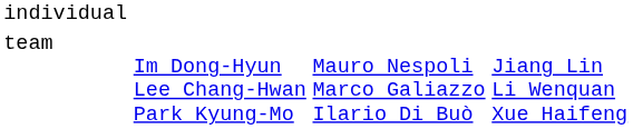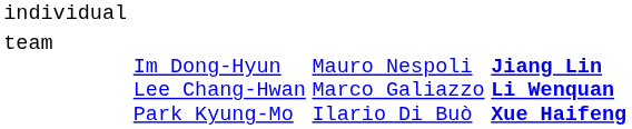 <table>
 <tr>
 <td>individual<br></td>
 <td></td>
 <td></td>
 <td></td>
 </tr>
 <tr valign="top">
 <td>team<br></td>
 <td><br> <a href='#'>Im Dong-Hyun</a><br><a href='#'>Lee Chang-Hwan</a><br><a href='#'>Park Kyung-Mo</a></td>
 <td><br> <a href='#'>Mauro Nespoli</a><br><a href='#'>Marco Galiazzo</a><br><a href='#'>Ilario Di Buò</a></td>
-<td><br> <a href='#'>Jiang Lin</a><br><a href='#'>Li Wenquan</a><br><a href='#'>Xue Haifeng</a></td>
+<td><strong><br> <a href='#'>Jiang Lin</a><br><a href='#'>Li Wenquan</a><br><a href='#'>Xue Haifeng</a></strong></td>
 </tr>
 </table>
